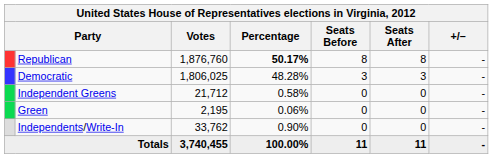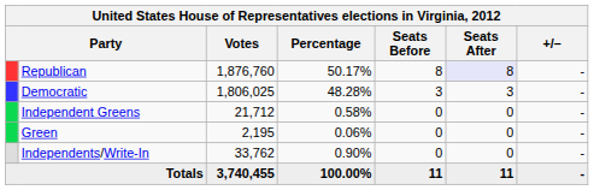 <table class="wikitable" style="font-size: 95%;">
 <tr>
 <th colspan="7">United States House of Representatives elections in Virginia, 2012</th>
 </tr>
 <tr>
 <th colspan=2 style="width: 15em">Party</th>
 <th style="width: 5em">Votes</th>
 <th style="width: 7em">Percentage</th>
 <th style="width: 5em">Seats Before</th>
 <th style="width: 5em">Seats After</th>
 <th style="width: 5em">+/–</th>
 </tr>
 <tr>
 <th style="background-color:#FF3333; width: 3px"></th>
 <td style="width: 130px"><a href='#'>Republican</a></td>
 <td align="right">1,876,760</td>
-<td align="right"><strong>50.17%</strong></td>
+<td align="right">50.17%</td>
 <td align="right">8</td>
-<td align="right">8</td>
+<td align="right" style="background: lavender;">8</td>
 <td align="right">-</td>
 </tr>
 <tr>
 <th style="background-color:#3333FF; width: 3px"></th>
 <td style="width: 130px"><a href='#'>Democratic</a></td>
 <td align="right">1,806,025</td>
 <td align="right">48.28%</td>
 <td align="right">3</td>
 <td align="right">3</td>
 <td align="right">-</td>
 </tr>
 <tr>
 <th style="background-color:#0BDA51; width: 3px"></th>
 <td style="width: 130px"><a href='#'>Independent Greens</a></td>
 <td align="right">21,712</td>
 <td align="right">0.58%</td>
 <td align="right">0</td>
 <td align="right">0</td>
 <td align="right">-</td>
 </tr>
 <tr>
 <th style="background-color:#0BDA51; width: 3px"></th>
 <td style="width: 130px"><a href='#'>Green</a></td>
 <td align="right">2,195</td>
 <td align="right">0.06%</td>
 <td align="right">0</td>
 <td align="right">0</td>
 <td align="right">-</td>
 </tr>
 <tr>
 <th style="background-color:#DDDDDD; width: 3px"></th>
 <td style="width: 130px"><a href='#'>Independents</a>/<a href='#'>Write-In</a></td>
 <td align="right">33,762</td>
 <td align="right">0.90%</td>
 <td align="right">0</td>
 <td align="right">0</td>
 <td align="right">-</td>
 </tr>
 <tr bgcolor="#EEEEEE">
 <td colspan="2" align="right"><strong>Totals</strong></td>
 <td align="right"><strong>3,740,455</strong></td>
 <td align="right"><strong>100.00%</strong></td>
 <td align="right"><strong>11</strong></td>
 <td align="right"><strong>11</strong></td>
 <td align="right"><strong>-</strong></td>
 </tr>
 </table>
